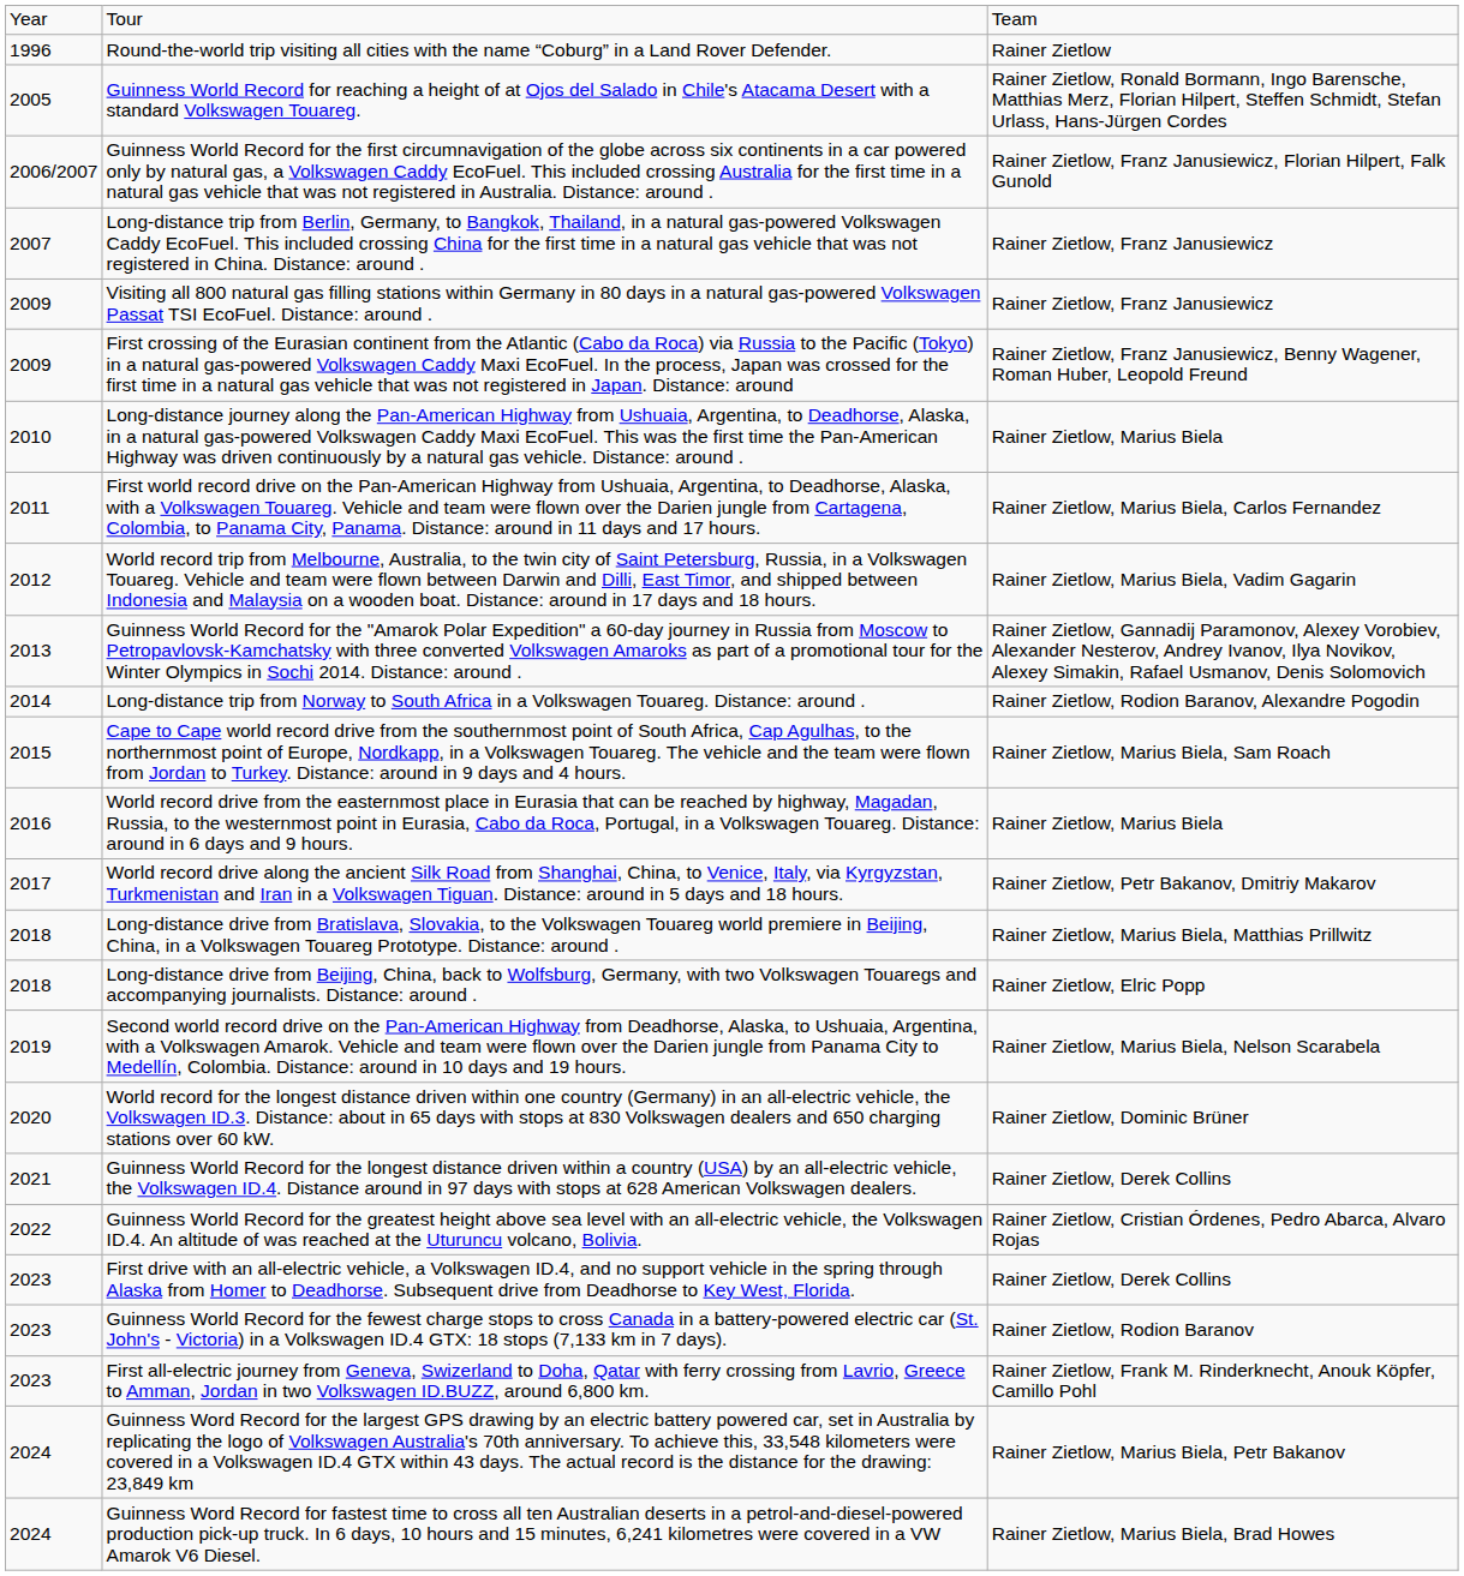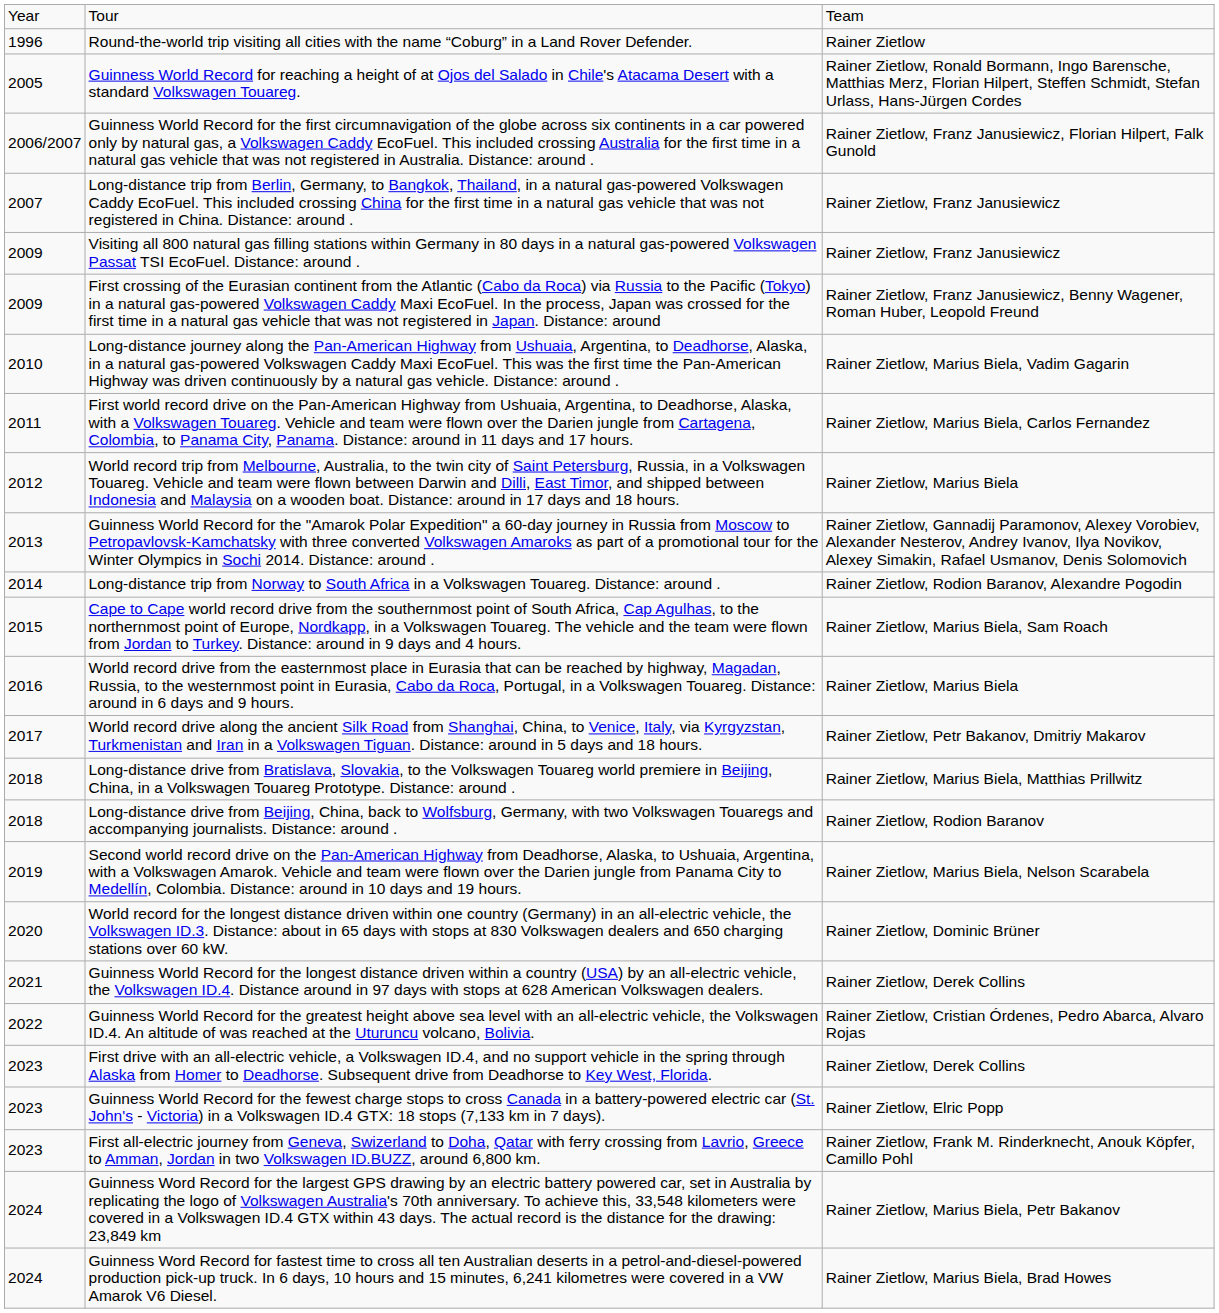 <table class="wikitable">
 <tr>
 <td>Year</td>
 <td>Tour</td>
 <td>Team</td>
 </tr>
 <tr>
 <td>1996</td>
 <td>Round-the-world trip visiting all cities with the name “Coburg” in a Land Rover Defender.</td>
 <td>Rainer Zietlow</td>
 </tr>
 <tr>
 <td>2005</td>
 <td><a href='#'>Guinness World Record</a>  for reaching a height of  at <a href='#'>Ojos del Salado</a> in <a href='#'>Chile</a>'s <a href='#'>Atacama Desert</a> with a standard <a href='#'>Volkswagen Touareg</a>.</td>
 <td>Rainer Zietlow, Ronald Bormann, Ingo Barensche, Matthias Merz, Florian Hilpert, Steffen Schmidt, Stefan Urlass, Hans-Jürgen Cordes</td>
 </tr>
 <tr>
 <td>2006/2007</td>
 <td>Guinness World Record for the first circumnavigation of the globe across six continents in a car powered only by natural gas, a <a href='#'>Volkswagen Caddy</a> EcoFuel. This included crossing <a href='#'>Australia</a> for the first time in a natural gas vehicle that was not registered in Australia. Distance: around .</td>
 <td>Rainer Zietlow, Franz Janusiewicz, Florian Hilpert, Falk Gunold</td>
 </tr>
 <tr>
 <td>2007</td>
 <td>Long-distance trip from <a href='#'>Berlin</a>, Germany, to <a href='#'>Bangkok</a>, <a href='#'>Thailand</a>, in a natural gas-powered Volkswagen Caddy EcoFuel. This included crossing <a href='#'>China</a> for the first time in a natural gas vehicle that was not registered in China. Distance: around .</td>
 <td>Rainer Zietlow, Franz Janusiewicz</td>
 </tr>
 <tr>
 <td>2009</td>
 <td>Visiting all 800 natural gas filling stations within Germany in 80 days in a natural gas-powered <a href='#'>Volkswagen Passat</a> TSI EcoFuel. Distance: around .</td>
 <td>Rainer Zietlow, Franz Janusiewicz</td>
 </tr>
 <tr>
 <td>2009</td>
 <td>First crossing of the Eurasian continent from the Atlantic (<a href='#'>Cabo da Roca</a>) via <a href='#'>Russia</a> to the Pacific (<a href='#'>Tokyo</a>) in a natural gas-powered <a href='#'>Volkswagen Caddy</a> Maxi EcoFuel. In the process, Japan was crossed for the first time in a natural gas vehicle that was not registered in <a href='#'>Japan</a>. Distance: around </td>
 <td>Rainer Zietlow, Franz Janusiewicz, Benny Wagener, Roman Huber, Leopold Freund</td>
 </tr>
 <tr>
 <td>2010</td>
 <td>Long-distance journey along the <a href='#'>Pan-American Highway</a> from <a href='#'>Ushuaia</a>, Argentina, to <a href='#'>Deadhorse</a>, Alaska, in a natural gas-powered Volkswagen Caddy Maxi EcoFuel. This was the first time the Pan-American Highway was driven continuously by a natural gas vehicle. Distance: around .</td>
-<td>Rainer Zietlow, Marius Biela</td>
+<td>Rainer Zietlow, Marius Biela, Vadim Gagarin</td>
 </tr>
 <tr>
 <td>2011</td>
 <td>First world record drive on the Pan-American Highway from Ushuaia, Argentina, to Deadhorse, Alaska, with a <a href='#'>Volkswagen Touareg</a>. Vehicle and team were flown over the Darien jungle from <a href='#'>Cartagena</a>, <a href='#'>Colombia</a>, to <a href='#'>Panama City</a>, <a href='#'>Panama</a>. Distance: around  in 11 days and 17 hours.</td>
 <td>Rainer Zietlow, Marius Biela, Carlos Fernandez</td>
 </tr>
 <tr>
 <td>2012</td>
 <td>World record trip from <a href='#'>Melbourne</a>, Australia, to the twin city of <a href='#'>Saint Petersburg</a>, Russia, in a Volkswagen Touareg. Vehicle and team were flown between Darwin and <a href='#'>Dilli</a>, <a href='#'>East Timor</a>, and shipped between <a href='#'>Indonesia</a> and <a href='#'>Malaysia</a> on a wooden boat. Distance: around  in 17 days and 18 hours.</td>
-<td>Rainer Zietlow, Marius Biela, Vadim Gagarin</td>
+<td>Rainer Zietlow, Marius Biela</td>
 </tr>
 <tr>
 <td>2013</td>
 <td>Guinness World Record for the "Amarok Polar Expedition" a 60-day journey in Russia from <a href='#'>Moscow</a> to <a href='#'>Petropavlovsk-Kamchatsky</a> with three converted <a href='#'>Volkswagen Amaroks</a> as part of a promotional tour for the Winter Olympics in <a href='#'>Sochi</a> 2014. Distance: around .</td>
 <td>Rainer Zietlow, Gannadij Paramonov, Alexey Vorobiev, Alexander Nesterov, Andrey Ivanov, Ilya Novikov, Alexey Simakin, Rafael Usmanov, Denis Solomovich</td>
 </tr>
 <tr>
 <td>2014</td>
 <td>Long-distance trip from <a href='#'>Norway</a> to <a href='#'>South Africa</a> in a Volkswagen Touareg. Distance: around .</td>
 <td>Rainer Zietlow, Rodion Baranov, Alexandre Pogodin</td>
 </tr>
 <tr>
 <td>2015</td>
 <td><a href='#'>Cape to Cape</a> world record drive from the southernmost point of South Africa, <a href='#'>Cap Agulhas</a>, to the northernmost point of Europe, <a href='#'>Nordkapp</a>, in a Volkswagen Touareg. The vehicle and the team were flown from <a href='#'>Jordan</a> to <a href='#'>Turkey</a>. Distance: around  in 9 days and 4 hours.</td>
 <td>Rainer Zietlow, Marius Biela, Sam Roach</td>
 </tr>
 <tr>
 <td>2016</td>
 <td>World record drive from the easternmost place in Eurasia that can be reached by highway, <a href='#'>Magadan</a>, Russia, to the westernmost point in Eurasia, <a href='#'>Cabo da Roca</a>, Portugal, in a Volkswagen Touareg. Distance: around  in 6 days and 9 hours.</td>
 <td>Rainer Zietlow, Marius Biela</td>
 </tr>
 <tr>
 <td>2017</td>
 <td>World record drive along the ancient <a href='#'>Silk Road</a> from <a href='#'>Shanghai</a>, China, to <a href='#'>Venice</a>, <a href='#'>Italy</a>, via <a href='#'>Kyrgyzstan</a>, <a href='#'>Turkmenistan</a> and <a href='#'>Iran</a> in a <a href='#'>Volkswagen Tiguan</a>. Distance: around  in 5 days and 18 hours.</td>
 <td>Rainer Zietlow, Petr Bakanov, Dmitriy Makarov</td>
 </tr>
 <tr>
 <td>2018</td>
 <td>Long-distance drive from <a href='#'>Bratislava</a>, <a href='#'>Slovakia</a>, to the Volkswagen Touareg world premiere in <a href='#'>Beijing</a>, China, in a Volkswagen Touareg Prototype. Distance: around .</td>
 <td>Rainer Zietlow, Marius Biela, Matthias Prillwitz</td>
 </tr>
 <tr>
 <td>2018</td>
 <td>Long-distance drive from <a href='#'>Beijing</a>, China, back to <a href='#'>Wolfsburg</a>, Germany, with two Volkswagen Touaregs and accompanying journalists. Distance: around .</td>
-<td>Rainer Zietlow, Elric Popp</td>
+<td>Rainer Zietlow, Rodion Baranov</td>
 </tr>
 <tr>
 <td>2019</td>
 <td>Second world record drive on the <a href='#'>Pan-American Highway</a> from Deadhorse, Alaska, to Ushuaia, Argentina, with a Volkswagen Amarok. Vehicle and team were flown over the Darien jungle from Panama City to <a href='#'>Medellín</a>, Colombia. Distance: around  in 10 days and 19 hours.</td>
 <td>Rainer Zietlow, Marius Biela, Nelson Scarabela</td>
 </tr>
 <tr>
 <td>2020</td>
 <td>World record for the longest distance driven within one country (Germany) in an all-electric vehicle, the <a href='#'>Volkswagen ID.3</a>. Distance: about  in 65 days with stops at 830 Volkswagen dealers and 650 charging stations over 60 kW.</td>
 <td>Rainer Zietlow, Dominic Brüner</td>
 </tr>
 <tr>
 <td>2021</td>
 <td>Guinness World Record for the longest distance driven within a country (<a href='#'>USA</a>) by an all-electric vehicle, the <a href='#'>Volkswagen ID.4</a>. Distance around  in 97 days with stops at 628 American Volkswagen dealers.</td>
 <td>Rainer Zietlow, Derek Collins</td>
 </tr>
 <tr>
 <td>2022</td>
 <td>Guinness World Record for the greatest height above sea level with an all-electric vehicle, the Volkswagen ID.4. An altitude of  was reached at the <a href='#'>Uturuncu</a> volcano, <a href='#'>Bolivia</a>.</td>
 <td>Rainer Zietlow, Cristian Órdenes, Pedro Abarca, Alvaro Rojas</td>
 </tr>
 <tr>
 <td>2023</td>
 <td>First drive with an all-electric vehicle, a Volkswagen ID.4, and no support vehicle in the spring through <a href='#'>Alaska</a> from <a href='#'>Homer</a> to <a href='#'>Deadhorse</a>. Subsequent drive from Deadhorse to <a href='#'>Key West, Florida</a>.</td>
 <td>Rainer Zietlow, Derek Collins</td>
 </tr>
 <tr>
 <td>2023</td>
 <td>Guinness World Record for the fewest charge stops to cross <a href='#'>Canada</a> in a battery-powered electric car (<a href='#'>St. John's</a> - <a href='#'>Victoria</a>) in a Volkswagen ID.4 GTX: 18 stops (7,133 km in 7 days).</td>
-<td>Rainer Zietlow, Rodion Baranov</td>
+<td>Rainer Zietlow, Elric Popp</td>
 </tr>
 <tr>
 <td>2023</td>
 <td>First all-electric journey from <a href='#'>Geneva</a>, <a href='#'>Swizerland</a> to <a href='#'>Doha</a>, <a href='#'>Qatar</a> with ferry crossing from <a href='#'>Lavrio</a>, <a href='#'>Greece</a> to <a href='#'>Amman</a>, <a href='#'>Jordan</a> in two <a href='#'>Volkswagen ID.BUZZ</a>, around 6,800 km.</td>
 <td>Rainer Zietlow, Frank M. Rinderknecht, Anouk Köpfer, Camillo Pohl</td>
 </tr>
 <tr>
 <td>2024</td>
 <td>Guinness Word Record for the largest GPS drawing by an electric battery powered car, set in Australia by replicating the logo of <a href='#'>Volkswagen Australia</a>'s 70th anniversary. To achieve this, 33,548 kilometers were covered in a Volkswagen ID.4 GTX within 43 days. The actual record is the distance for the drawing: 23,849 km</td>
 <td>Rainer Zietlow, Marius Biela, Petr Bakanov</td>
 </tr>
 <tr>
 <td>2024</td>
 <td>Guinness Word Record for fastest time to cross all ten Australian deserts in a petrol-and-diesel-powered production pick-up truck. In 6 days, 10 hours and 15 minutes, 6,241 kilometres were covered in a VW Amarok V6 Diesel.</td>
 <td>Rainer Zietlow, Marius Biela, Brad Howes</td>
 </tr>
 </table>
